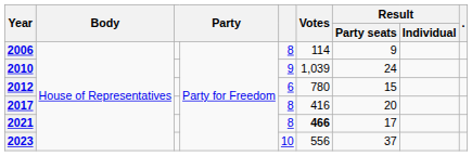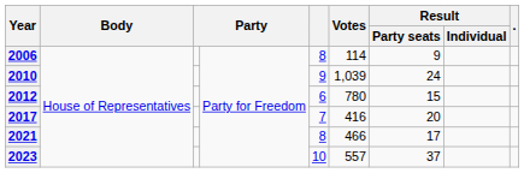 <table class="wikitable plainrowheaders sortable" border=2 cellpadding=4 cellspacing=0 style="border: 1px #aaa solid; font-size: 90%; text-align:center;">
 <tr>
 <th scope="col" rowspan=2>Year</th>
 <th scope="col" rowspan=2>Body</th>
 <th scope="col" colspan=2 rowspan=2>Party</th>
 <th scope="col" rowspan=2></th>
 <th scope="col" rowspan=2>Votes</th>
 <th scope="colgroup" colspan=2>Result</th>
 <th scope="col" rowspan=2 class="unsortable">.</th>
 </tr>
 <tr>
 <th scope="col">Party seats</th>
 <th scope="col">Individual</th>
 </tr>
 <tr>
 <th scope="row"><a href='#'>2006</a></th>
 <td rowspan="6"><a href='#'>House of Representatives</a></td>
 <td style="background-color:"></td>
 <td rowspan="6"><a href='#'>Party for Freedom</a></td>
 <td style=text-align:right><a href='#'>8</a></td>
 <td style=text-align:right>114</td>
 <td style=text-align:right>9</td>
 <td></td>
 <td></td>
 </tr>
 <tr>
 <th scope="row"><a href='#'>2010</a></th>
 <td style="background-color:"></td>
 <td style=text-align:right><a href='#'>9</a></td>
 <td style=text-align:right>1,039</td>
 <td style=text-align:right>24</td>
 <td></td>
 <td></td>
 </tr>
 <tr>
 <th scope="row"><a href='#'>2012</a></th>
 <td style="background-color:"></td>
 <td style=text-align:right><a href='#'>6</a></td>
 <td style=text-align:right>780</td>
 <td style=text-align:right>15</td>
 <td></td>
 <td></td>
 </tr>
 <tr>
 <th scope="row"><a href='#'>2017</a></th>
 <td style="background-color:"></td>
-<td style=text-align:right><a href='#'>8</a></td>
+<td style=text-align:right><a href='#'>7</a></td>
 <td style=text-align:right>416</td>
 <td style=text-align:right>20</td>
 <td></td>
 <td></td>
 </tr>
 <tr>
 <th scope="row"><a href='#'>2021</a></th>
 <td style="background-color:"></td>
 <td style=text-align:right><a href='#'>8</a></td>
-<td style=text-align:right><strong>466</strong></td>
+<td style=text-align:right>466</td>
 <td style=text-align:right>17</td>
 <td></td>
 <td></td>
 </tr>
 <tr>
 <th scope="row"><a href='#'>2023</a></th>
 <td style="background-color:"></td>
 <td style=text-align:right><a href='#'>10</a></td>
-<td style=text-align:right>556</td>
+<td style=text-align:right>557</td>
 <td style=text-align:right>37</td>
 <td></td>
 <td></td>
 </tr>
 </table>
